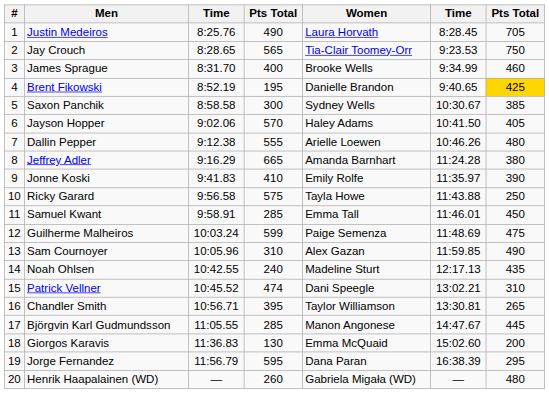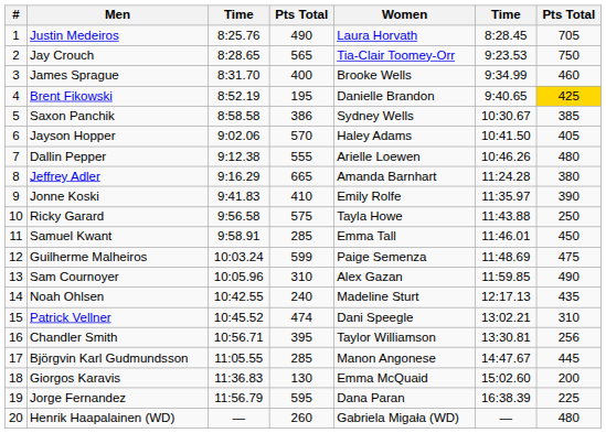 <table class="wikitable sortable" style="display: inline-table;width: 85%; text-align:center">
 <tr>
 <th>#</th>
 <th>Men</th>
 <th>Time</th>
 <th>Pts Total</th>
 <th>Women</th>
 <th>Time</th>
 <th>Pts Total</th>
 </tr>
 <tr>
 <td>1</td>
 <td align=left> <a href='#'>Justin Medeiros</a></td>
 <td>8:25.76</td>
 <td>490</td>
 <td align=left> <a href='#'>Laura Horvath</a></td>
 <td>8:28.45</td>
 <td>705</td>
 </tr>
 <tr>
 <td>2</td>
 <td align=left> Jay Crouch</td>
 <td>8:28.65</td>
 <td>565</td>
 <td align=left> <a href='#'>Tia-Clair Toomey-Orr</a></td>
 <td>9:23.53</td>
 <td>750</td>
 </tr>
 <tr>
 <td>3</td>
 <td align=left> James Sprague</td>
 <td>8:31.70</td>
 <td>400</td>
 <td align=left> Brooke Wells</td>
 <td>9:34.99</td>
 <td>460</td>
 </tr>
 <tr>
 <td>4</td>
 <td align=left> <a href='#'>Brent Fikowski</a></td>
 <td>8:52.19</td>
 <td>195</td>
 <td align=left> Danielle Brandon</td>
 <td>9:40.65</td>
 <td style="background: gold;">425</td>
 </tr>
 <tr>
 <td>5</td>
 <td align=left> Saxon Panchik</td>
 <td>8:58.58</td>
-<td>300</td>
+<td>386</td>
 <td align=left> Sydney Wells</td>
 <td>10:30.67</td>
 <td>385</td>
 </tr>
 <tr>
 <td>6</td>
 <td align=left> Jayson Hopper</td>
 <td>9:02.06</td>
 <td>570</td>
 <td align=left> Haley Adams</td>
 <td>10:41.50</td>
 <td>405</td>
 </tr>
 <tr>
 <td>7</td>
 <td align=left> Dallin Pepper</td>
 <td>9:12.38</td>
 <td>555</td>
 <td align=left> Arielle Loewen</td>
 <td>10:46.26</td>
 <td>480</td>
 </tr>
 <tr>
 <td>8</td>
 <td align=left> <a href='#'>Jeffrey Adler</a></td>
 <td>9:16.29</td>
 <td>665</td>
 <td align=left> Amanda Barnhart</td>
 <td>11:24.28</td>
 <td>380</td>
 </tr>
 <tr>
 <td>9</td>
 <td align=left> Jonne Koski</td>
 <td>9:41.83</td>
 <td>410</td>
 <td align=left> Emily Rolfe</td>
 <td>11:35.97</td>
 <td>390</td>
 </tr>
 <tr>
 <td>10</td>
 <td align=left> Ricky Garard</td>
 <td>9:56.58</td>
 <td>575</td>
 <td align=left> Tayla Howe</td>
 <td>11:43.88</td>
 <td>250</td>
 </tr>
 <tr>
 <td>11</td>
 <td align=left> Samuel Kwant</td>
 <td>9:58.91</td>
 <td>285</td>
 <td align=left> Emma Tall</td>
 <td>11:46.01</td>
 <td>450</td>
 </tr>
 <tr>
 <td>12</td>
 <td align=left> Guilherme Malheiros</td>
 <td>10:03.24</td>
 <td>599</td>
 <td align=left> Paige Semenza</td>
 <td>11:48.69</td>
 <td>475</td>
 </tr>
 <tr>
 <td>13</td>
 <td align=left> Sam Cournoyer</td>
 <td>10:05.96</td>
 <td>310</td>
 <td align=left> Alex Gazan</td>
 <td>11:59.85</td>
 <td>490</td>
 </tr>
 <tr>
 <td>14</td>
 <td align=left> Noah Ohlsen</td>
 <td>10:42.55</td>
 <td>240</td>
 <td align=left> Madeline Sturt</td>
 <td>12:17.13</td>
 <td>435</td>
 </tr>
 <tr>
 <td>15</td>
 <td align=left> <a href='#'>Patrick Vellner</a></td>
 <td>10:45.52</td>
 <td>474</td>
 <td align=left> Dani Speegle</td>
 <td>13:02.21</td>
 <td>310</td>
 </tr>
 <tr>
 <td>16</td>
 <td align=left> Chandler Smith</td>
 <td>10:56.71</td>
 <td>395</td>
 <td align=left> Taylor Williamson</td>
 <td>13:30.81</td>
-<td>265</td>
+<td>256</td>
 </tr>
 <tr>
 <td>17</td>
 <td align=left> Björgvin Karl Gudmundsson</td>
 <td>11:05.55</td>
 <td>285</td>
 <td align=left> Manon Angonese</td>
 <td>14:47.67</td>
 <td>445</td>
 </tr>
 <tr>
 <td>18</td>
 <td align=left> Giorgos Karavis</td>
 <td>11:36.83</td>
 <td>130</td>
 <td align=left> Emma McQuaid</td>
 <td>15:02.60</td>
 <td>200</td>
 </tr>
 <tr>
 <td>19</td>
 <td align=left> Jorge Fernandez</td>
 <td>11:56.79</td>
 <td>595</td>
 <td align=left> Dana Paran</td>
 <td>16:38.39</td>
-<td>295</td>
+<td>225</td>
 </tr>
 <tr>
 <td>20</td>
 <td align=left> Henrik Haapalainen (WD)</td>
 <td>—</td>
 <td>260</td>
 <td align=left> Gabriela Migała (WD)</td>
 <td>—</td>
 <td>480</td>
 </tr>
 </table>
